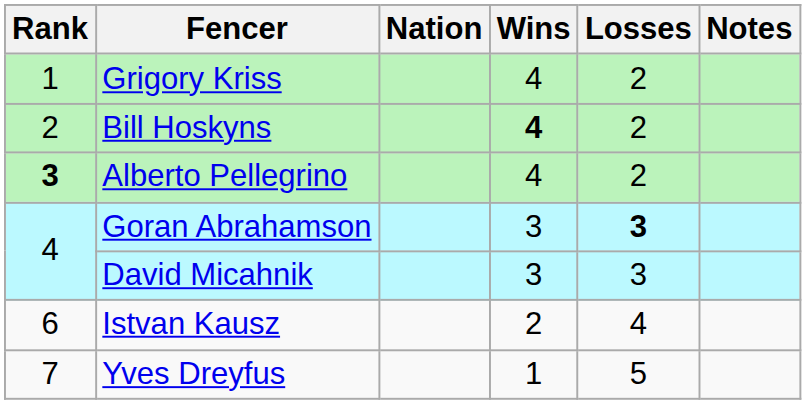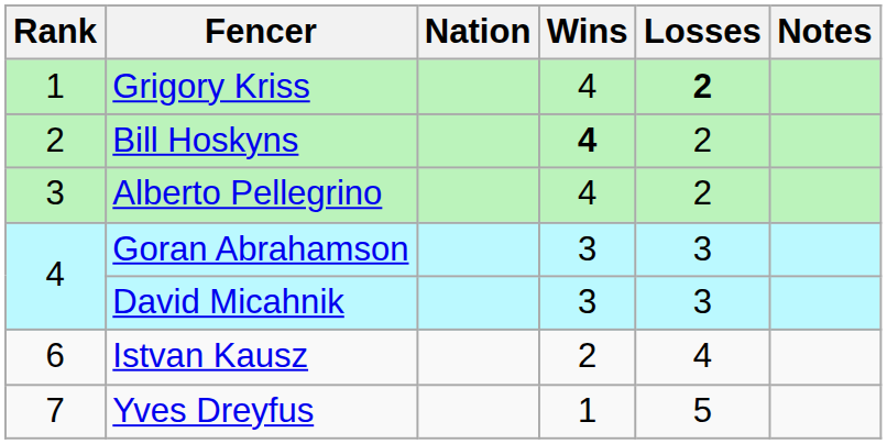 <table class="wikitable sortable" style="text-align:center">
 <tr>
 <th>Rank</th>
 <th>Fencer</th>
 <th>Nation</th>
 <th>Wins</th>
 <th>Losses</th>
 <th>Notes</th>
 </tr>
 <tr bgcolor=bbf3bb>
 <td>1</td>
 <td align=left><a href='#'>Grigory Kriss</a></td>
 <td align=left></td>
 <td>4</td>
-<td>2</td>
+<td><strong>2</strong></td>
 <td></td>
 </tr>
 <tr bgcolor=bbf3bb>
 <td>2</td>
 <td align=left><a href='#'>Bill Hoskyns</a></td>
 <td align=left></td>
 <td><strong>4</strong></td>
 <td>2</td>
 <td></td>
 </tr>
 <tr bgcolor=bbf3bb>
-<td><strong>3</strong></td>
+<td>3</td>
 <td align=left><a href='#'>Alberto Pellegrino</a></td>
 <td align=left></td>
 <td>4</td>
 <td>2</td>
 <td></td>
 </tr>
 <tr bgcolor=bbf9ff>
 <td rowspan=2>4</td>
 <td align=left><a href='#'>Goran Abrahamson</a></td>
 <td align=left></td>
 <td>3</td>
-<td><strong>3</strong></td>
+<td>3</td>
 <td></td>
 </tr>
 <tr bgcolor=bbf9ff>
 <td align=left><a href='#'>David Micahnik</a></td>
 <td align=left></td>
 <td>3</td>
 <td>3</td>
 <td></td>
 </tr>
 <tr>
 <td>6</td>
 <td align=left><a href='#'>Istvan Kausz</a></td>
 <td align=left></td>
 <td>2</td>
 <td>4</td>
 <td></td>
 </tr>
 <tr>
 <td>7</td>
 <td align=left><a href='#'>Yves Dreyfus</a></td>
 <td align=left></td>
 <td>1</td>
 <td>5</td>
 <td></td>
 </tr>
 </table>
